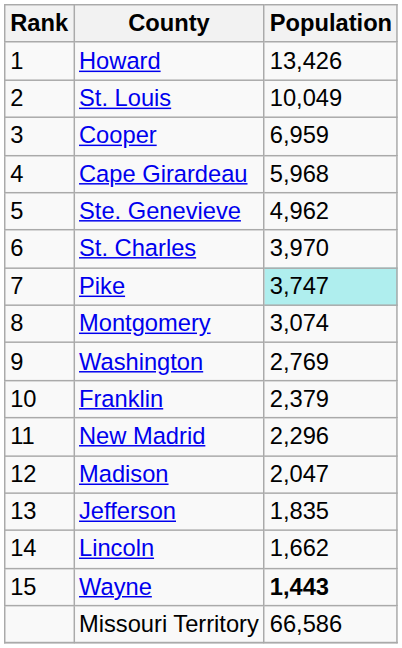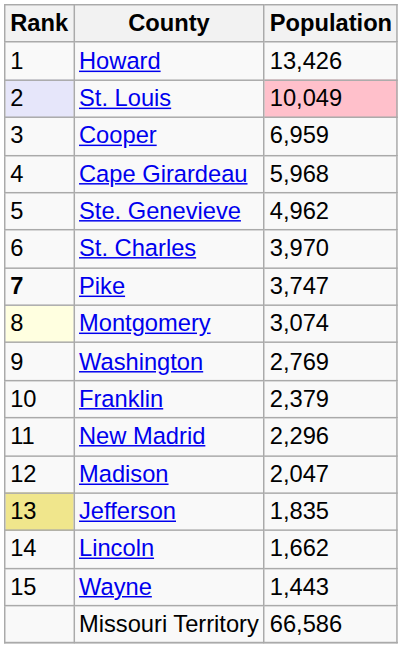 <table class=wikitable>
 <tr>
 <th>Rank</th>
 <th>County</th>
 <th>Population</th>
 </tr>
 <tr>
 <td>1</td>
 <td><a href='#'>Howard</a></td>
 <td>13,426</td>
 </tr>
 <tr>
-<td>2</td>
+<td style="background: lavender;">2</td>
 <td><a href='#'>St. Louis</a></td>
-<td>10,049</td>
+<td style="background: pink;">10,049</td>
 </tr>
 <tr>
 <td>3</td>
 <td><a href='#'>Cooper</a></td>
 <td>6,959</td>
 </tr>
 <tr>
 <td>4</td>
 <td><a href='#'>Cape Girardeau</a></td>
 <td>5,968</td>
 </tr>
 <tr>
 <td>5</td>
 <td><a href='#'>Ste. Genevieve</a></td>
 <td>4,962</td>
 </tr>
 <tr>
 <td>6</td>
 <td><a href='#'>St. Charles</a></td>
 <td>3,970</td>
 </tr>
 <tr>
-<td>7</td>
+<td><strong>7</strong></td>
 <td><a href='#'>Pike</a></td>
-<td style="background: paleturquoise;">3,747</td>
+<td>3,747</td>
 </tr>
 <tr>
-<td>8</td>
+<td style="background: lightyellow;">8</td>
 <td><a href='#'>Montgomery</a></td>
 <td>3,074</td>
 </tr>
 <tr>
 <td>9</td>
 <td><a href='#'>Washington</a></td>
 <td>2,769</td>
 </tr>
 <tr>
 <td>10</td>
 <td><a href='#'>Franklin</a></td>
 <td>2,379</td>
 </tr>
 <tr>
 <td>11</td>
 <td><a href='#'>New Madrid</a></td>
 <td>2,296</td>
 </tr>
 <tr>
 <td>12</td>
 <td><a href='#'>Madison</a></td>
 <td>2,047</td>
 </tr>
 <tr>
-<td>13</td>
+<td style="background: khaki;">13</td>
 <td><a href='#'>Jefferson</a></td>
 <td>1,835</td>
 </tr>
 <tr>
 <td>14</td>
 <td><a href='#'>Lincoln</a></td>
 <td>1,662</td>
 </tr>
 <tr>
 <td>15</td>
 <td><a href='#'>Wayne</a></td>
-<td><strong>1,443</strong></td>
+<td>1,443</td>
 </tr>
 <tr>
 <td></td>
 <td>Missouri Territory</td>
 <td>66,586</td>
 </tr>
 <tr>
 </tr>
 </table>
